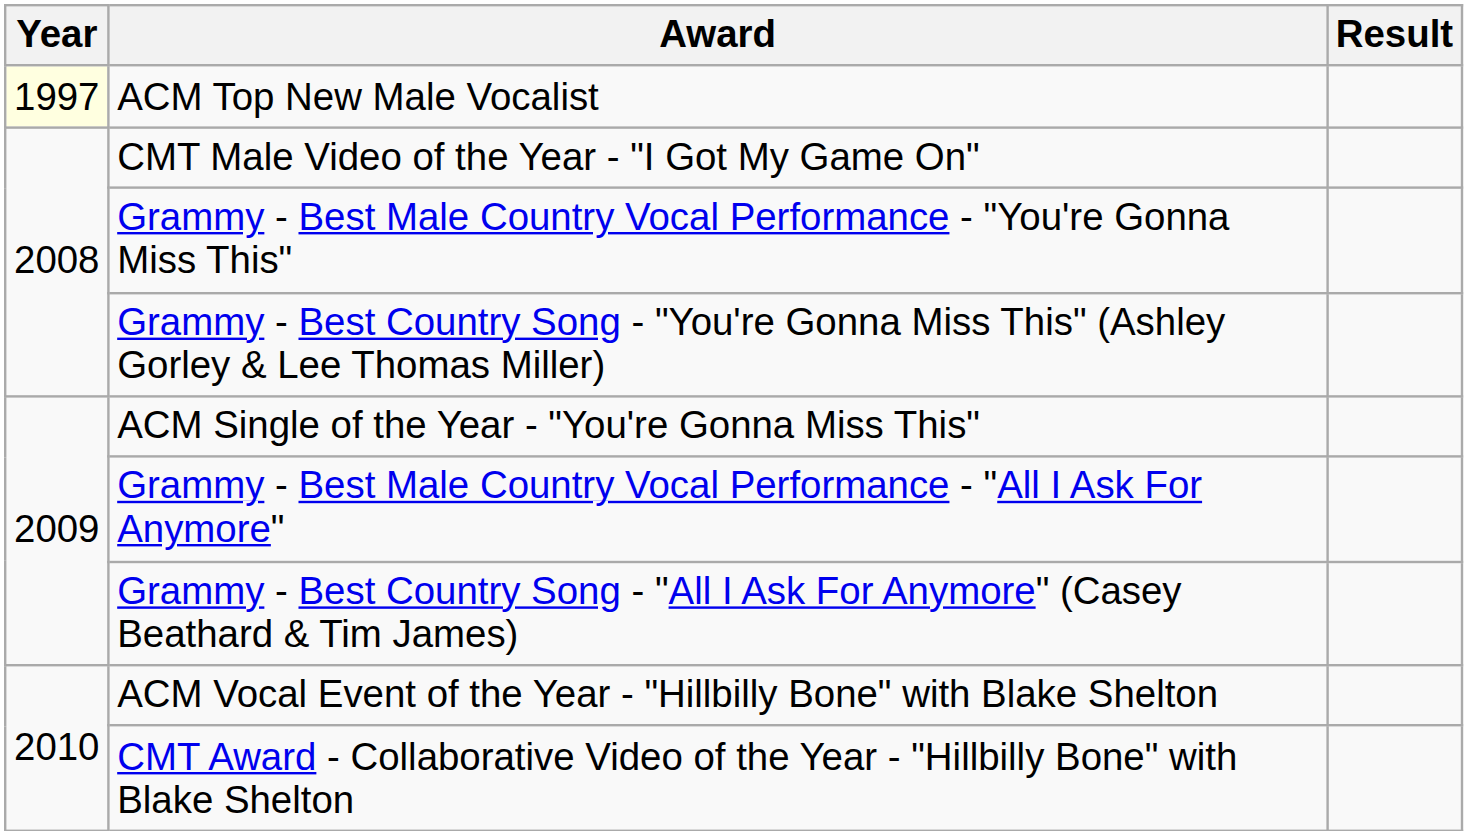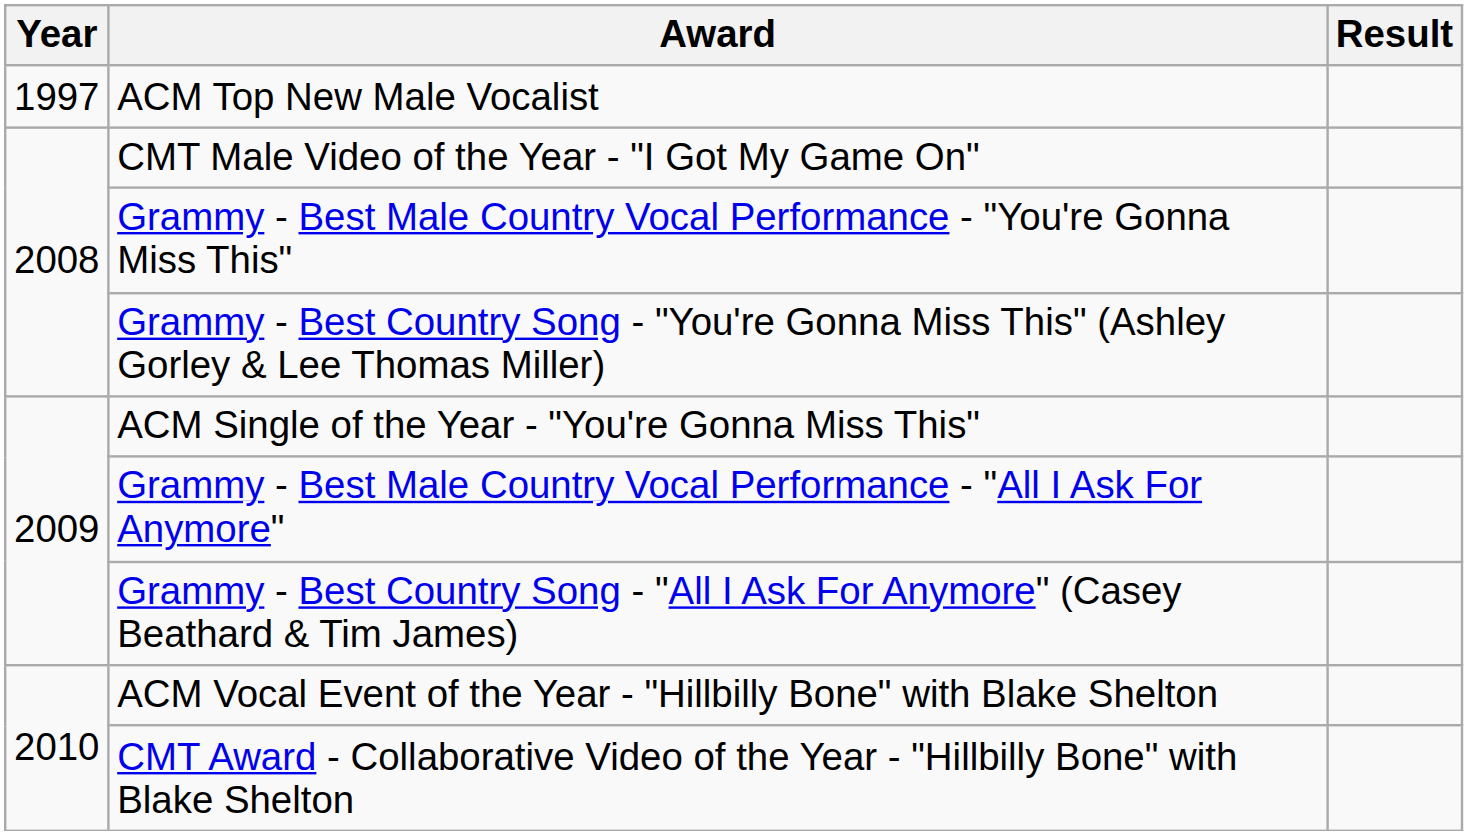 <table class="wikitable">
 <tr>
 <th>Year</th>
 <th>Award</th>
 <th>Result</th>
 </tr>
 <tr>
-<td style="background: lightyellow;">1997</td>
+<td>1997</td>
 <td>ACM Top New Male Vocalist</td>
 <td></td>
 </tr>
 <tr>
 <td rowspan="3">2008</td>
 <td>CMT Male Video of the Year - "I Got My Game On"</td>
 <td></td>
 </tr>
 <tr>
 <td><a href='#'>Grammy</a> - <a href='#'>Best Male Country Vocal Performance</a> - "You're Gonna Miss This"</td>
 <td></td>
 </tr>
 <tr>
 <td><a href='#'>Grammy</a> - <a href='#'>Best Country Song</a> - "You're Gonna Miss This" (Ashley Gorley & Lee Thomas Miller)</td>
 <td></td>
 </tr>
 <tr>
 <td rowspan="3">2009</td>
 <td>ACM Single of the Year - "You're Gonna Miss This"</td>
 <td></td>
 </tr>
 <tr>
 <td><a href='#'>Grammy</a> - <a href='#'>Best Male Country Vocal Performance</a> - "<a href='#'>All I Ask For Anymore</a>"</td>
 <td></td>
 </tr>
 <tr>
 <td><a href='#'>Grammy</a> - <a href='#'>Best Country Song</a> - "<a href='#'>All I Ask For Anymore</a>" (Casey Beathard & Tim James)</td>
 <td></td>
 </tr>
 <tr>
 <td rowspan="2">2010</td>
 <td>ACM Vocal Event of the Year - "Hillbilly Bone" with Blake Shelton</td>
 <td></td>
 </tr>
 <tr>
 <td><a href='#'>CMT Award</a> - Collaborative Video of the Year - "Hillbilly Bone" with Blake Shelton</td>
 <td></td>
 </tr>
 </table>
